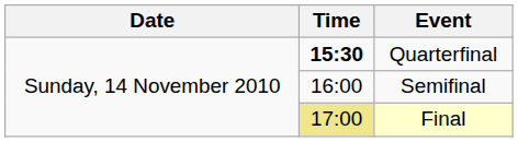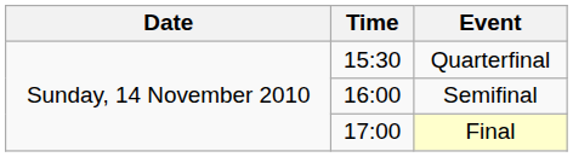 <table class = "wikitable" style="text-align:center;">
 <tr>
 <th width=220>Date</th>
 <th width=50>Time</th>
 <th width=100>Event</th>
 </tr>
 <tr>
 <td rowspan=3>Sunday, 14 November 2010</td>
-<td><strong>15:30</strong></td>
+<td>15:30</td>
 <td>Quarterfinal</td>
 </tr>
 <tr>
 <td>16:00</td>
 <td>Semifinal</td>
 </tr>
 <tr>
-<td style="background: khaki;">17:00</td>
+<td>17:00</td>
 <td bgcolor=ffffcc>Final</td>
 </tr>
 </table>
